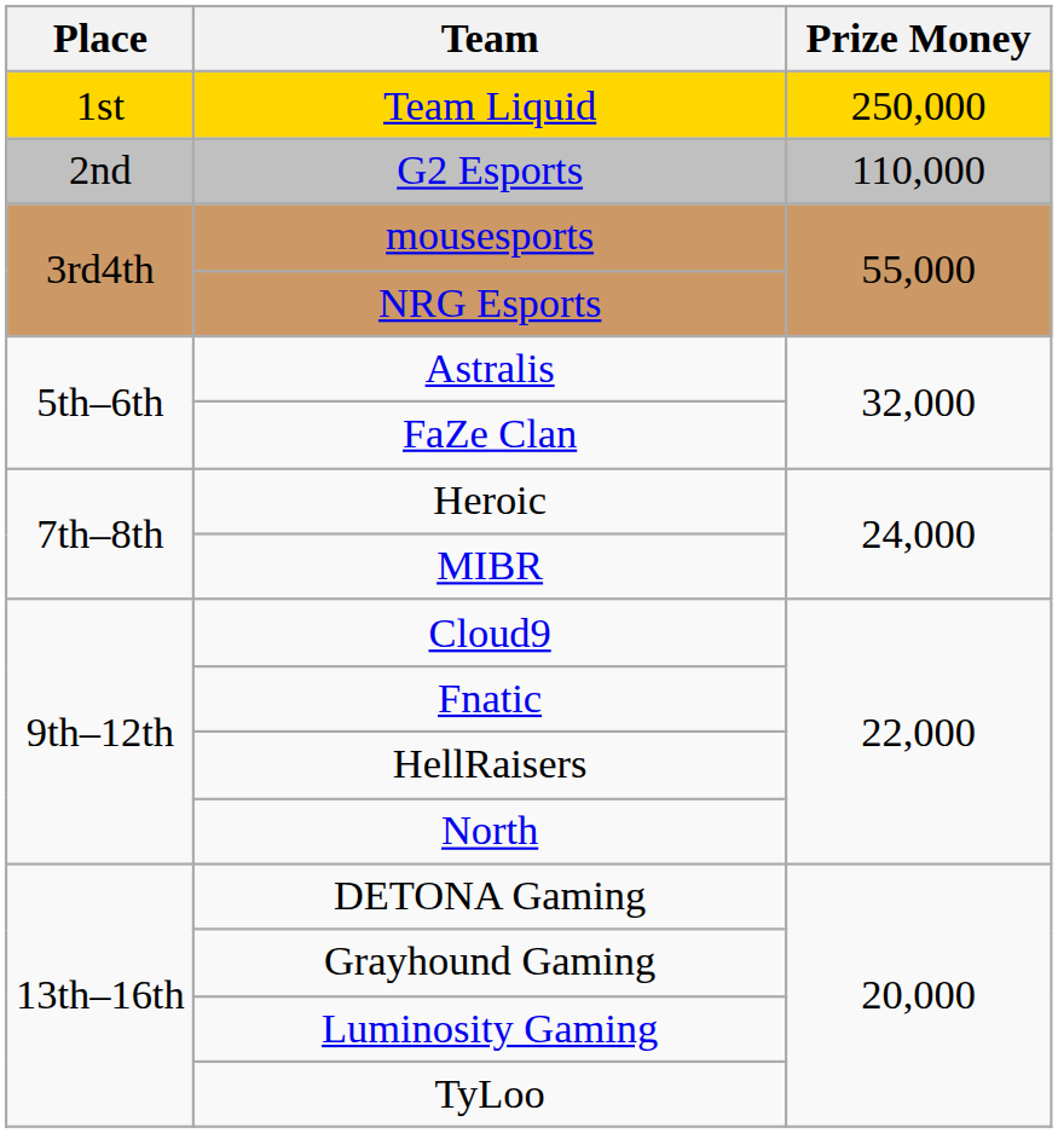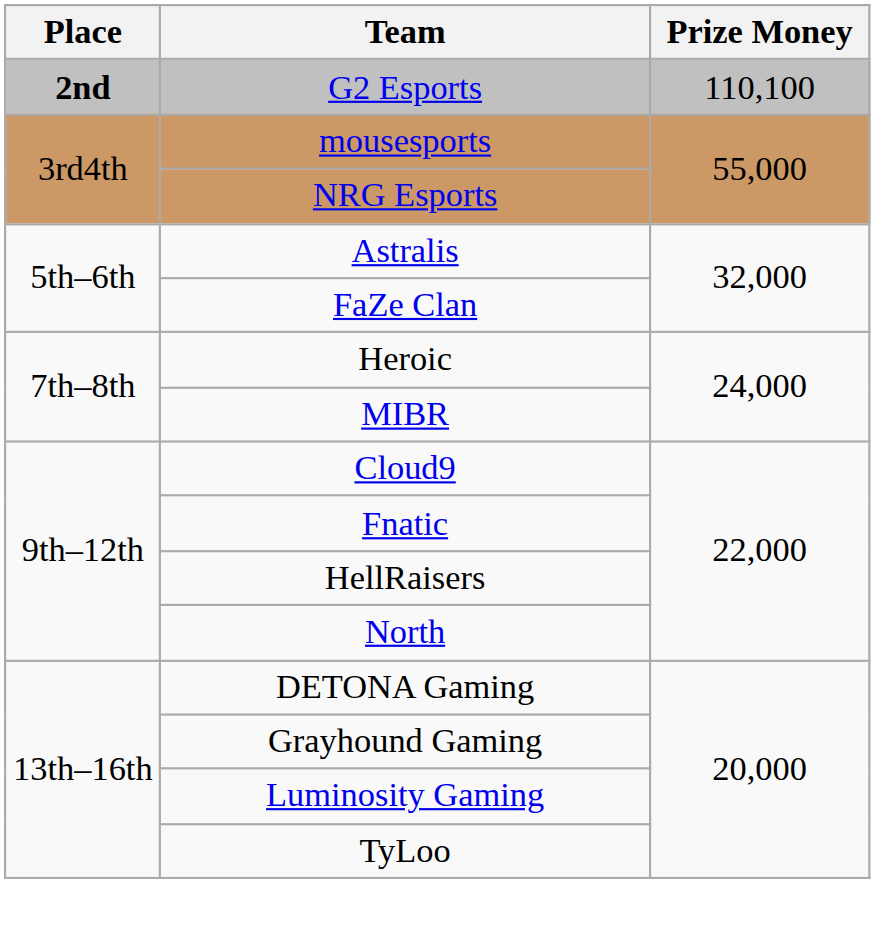 <table class="wikitable" style="text-align:center">
 <tr>
 <th width="65">Place</th>
 <th width="220">Team</th>
 <th width="95">Prize Money</th>
 </tr>
 <tr>
-<td style="text-align:center; background:gold;">1st</td>
-<td style="text-align:center; background:gold;"><a href='#'>Team Liquid</a></td>
-<td style="text-align:center; background:gold;">250,000</td>
-</tr>
-<tr>
-<td style="text-align:center; background:silver;">2nd</td>
+<td style="text-align:center; background:silver;"><strong>2nd</strong></td>
 <td style="text-align:center; background:silver;"><a href='#'>G2 Esports</a></td>
-<td style="text-align:center; background:silver;">110,000</td>
+<td style="text-align:center; background:silver;">110,100</td>
 </tr>
 <tr>
 <td style="text-align:center; background:#c96;" rowspan="2">3rd4th</td>
 <td style="text-align:center; background:#c96"><a href='#'>mousesports</a></td>
 <td style="text-align:center; background:#c96;" rowspan="2">55,000</td>
 </tr>
 <tr>
 <td style="text-align:center; background:#c96"><a href='#'>NRG Esports</a></td>
 </tr>
 <tr>
 <td rowspan="2">5th–6th</td>
 <td><a href='#'>Astralis</a></td>
 <td rowspan="2">32,000</td>
 </tr>
 <tr>
 <td><a href='#'>FaZe Clan</a></td>
 </tr>
 <tr>
 <td rowspan="2">7th–8th</td>
 <td>Heroic</td>
 <td rowspan="2">24,000</td>
 </tr>
 <tr>
 <td><a href='#'>MIBR</a></td>
 </tr>
 <tr>
 <td rowspan="4">9th–12th</td>
 <td><a href='#'>Cloud9</a></td>
 <td rowspan="4">22,000</td>
 </tr>
 <tr>
 <td><a href='#'>Fnatic</a></td>
 </tr>
 <tr>
 <td>HellRaisers</td>
 </tr>
 <tr>
 <td><a href='#'>North</a></td>
 </tr>
 <tr>
 <td rowspan="4">13th–16th</td>
 <td>DETONA Gaming</td>
 <td rowspan="4">20,000</td>
 </tr>
 <tr>
 <td>Grayhound Gaming</td>
 </tr>
 <tr>
 <td><a href='#'>Luminosity Gaming</a></td>
 </tr>
 <tr>
 <td>TyLoo</td>
 </tr>
 </table>
